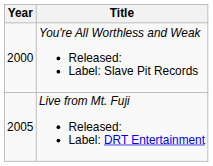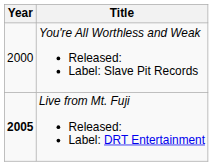 <table class="wikitable">
 <tr>
 <th>Year</th>
 <th>Title</th>
 </tr>
 <tr>
 <td>2000</td>
 <td><em>You're All Worthless and Weak</em><br><ul><li>Released:</li><li>Label: Slave Pit Records</li></ul></td>
 </tr>
 <tr>
-<td>2005</td>
+<td><strong>2005</strong></td>
 <td><em>Live from Mt. Fuji</em><br><ul><li>Released:</li><li>Label: <a href='#'>DRT Entertainment</a></li></ul></td>
 </tr>
 </table>
